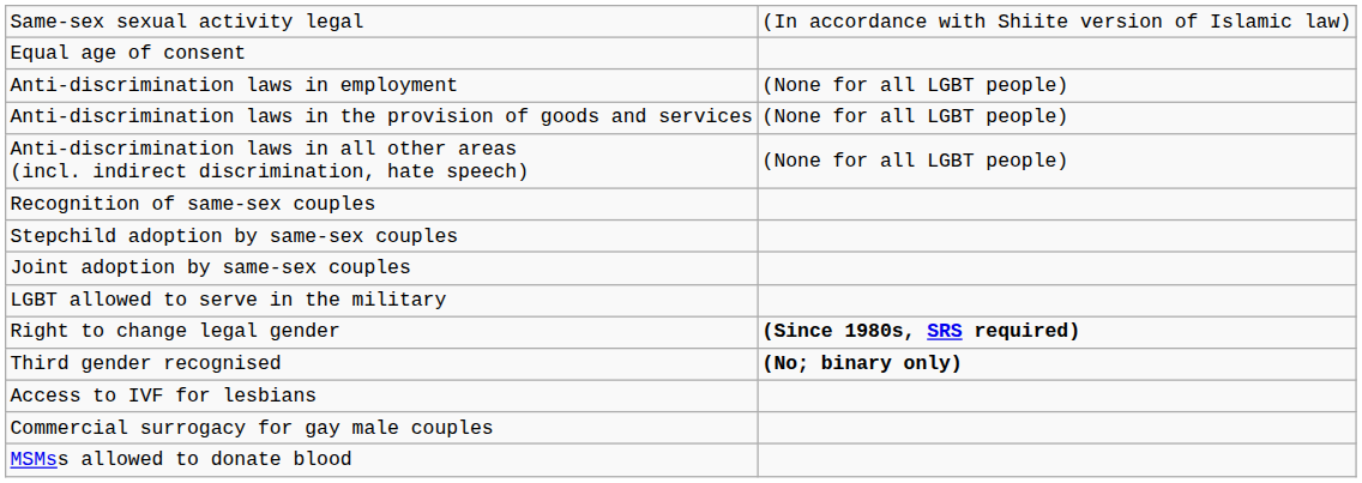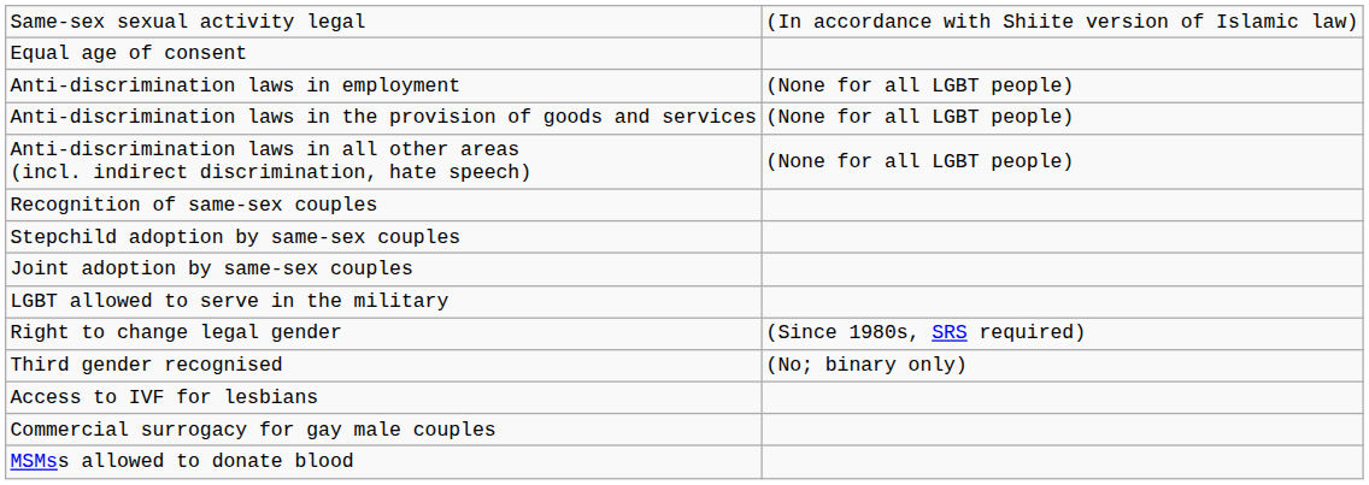 <table class="wikitable">
 <tr>
 <td>Same-sex sexual activity legal</td>
 <td> (In accordance with Shiite version of Islamic law)</td>
 </tr>
 <tr>
 <td>Equal age of consent</td>
 <td></td>
 </tr>
 <tr>
 <td>Anti-discrimination laws in employment</td>
 <td> (None for all LGBT people)</td>
 </tr>
 <tr>
 <td>Anti-discrimination laws in the provision of goods and services</td>
 <td> (None for all LGBT people)</td>
 </tr>
 <tr>
 <td>Anti-discrimination laws in all other areas<br>(incl. indirect discrimination, hate speech)</td>
 <td> (None for all LGBT people)</td>
 </tr>
 <tr>
 <td>Recognition of same-sex couples</td>
 <td></td>
 </tr>
 <tr>
 <td>Stepchild adoption by same-sex couples</td>
 <td></td>
 </tr>
 <tr>
 <td>Joint adoption by same-sex couples</td>
 <td></td>
 </tr>
 <tr>
 <td>LGBT allowed to serve in the military</td>
 <td></td>
 </tr>
 <tr>
 <td>Right to change legal gender</td>
-<td><strong> (Since 1980s, <a href='#'>SRS</a> required)</strong></td>
+<td> (Since 1980s, <a href='#'>SRS</a> required)</td>
 </tr>
 <tr>
 <td>Third gender recognised</td>
-<td><strong> (No; binary only)</strong></td>
+<td> (No; binary only)</td>
 </tr>
 <tr>
 <td>Access to IVF for lesbians</td>
 <td></td>
 </tr>
 <tr>
 <td>Commercial surrogacy for gay male couples</td>
 <td></td>
 </tr>
 <tr>
 <td><a href='#'>MSMs</a>s allowed to donate blood</td>
 <td></td>
 </tr>
 </table>
